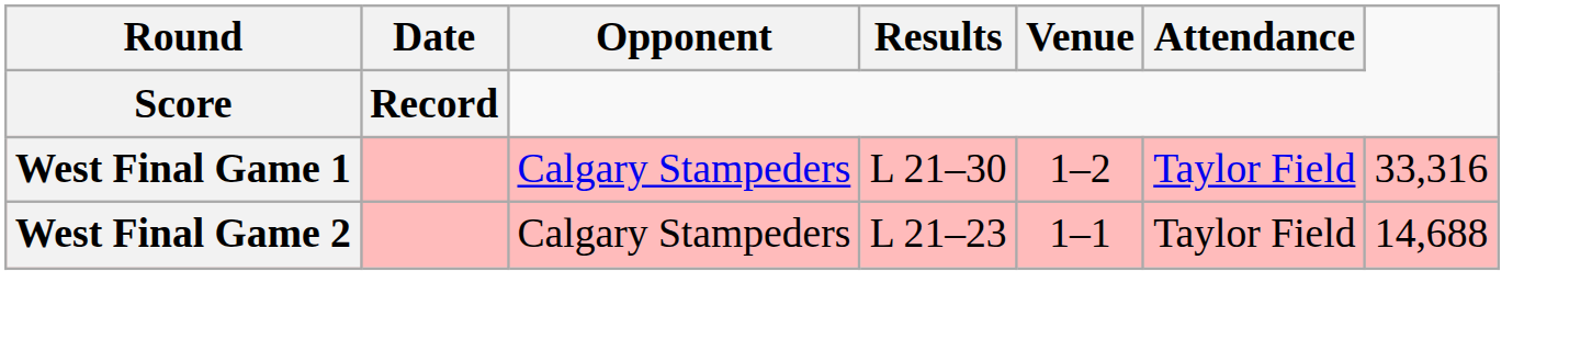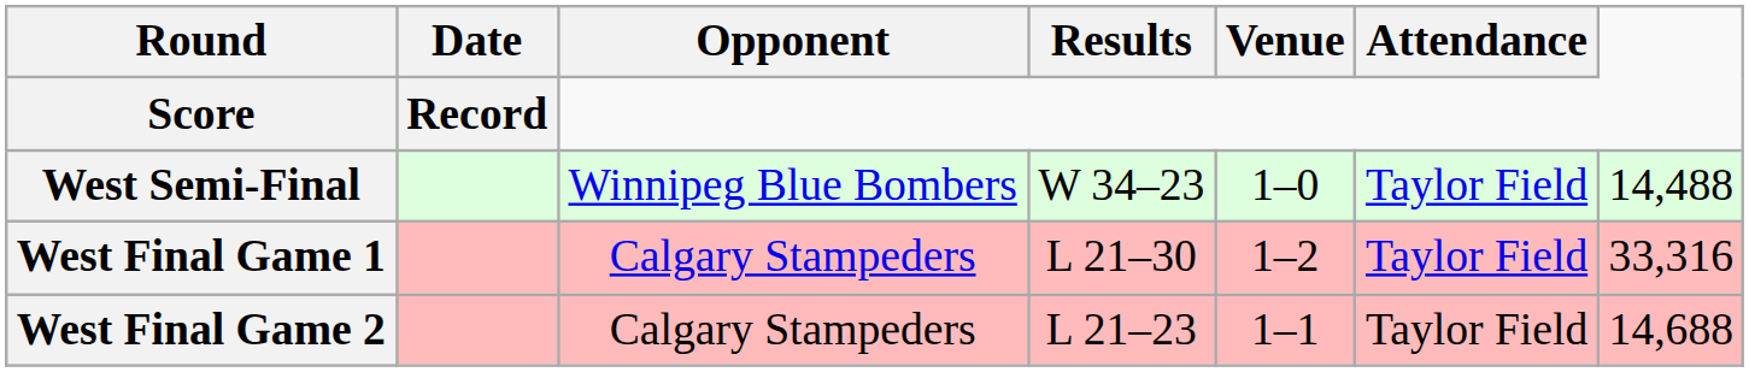 <table class="wikitable" style="text-align:center">
 <tr>
 <th>Round</th>
 <th>Date</th>
 <th>Opponent</th>
 <th>Results</th>
 <th>Venue</th>
 <th>Attendance</th>
 </tr>
 <tr>
 <th>Score</th>
 <th>Record</th>
+</tr>
+<tr style="background:#ddffdd">
+<th>West Semi-Final</th>
+<td></td>
+<td><a href='#'>Winnipeg Blue Bombers</a></td>
+<td>W 34–23</td>
+<td>1–0</td>
+<td><a href='#'>Taylor Field</a></td>
+<td>14,488</td>
 </tr>
 <tr style="background:#ffbbbb">
 <th>West Final Game 1</th>
 <td></td>
 <td><a href='#'>Calgary Stampeders</a></td>
 <td>L 21–30</td>
 <td>1–2</td>
 <td><a href='#'>Taylor Field</a></td>
 <td>33,316</td>
 </tr>
 <tr style="background:#ffbbbb">
 <th>West Final Game 2</th>
 <td></td>
 <td>Calgary Stampeders</td>
 <td>L 21–23</td>
 <td>1–1</td>
 <td>Taylor Field</td>
 <td>14,688</td>
 </tr>
 </table>
